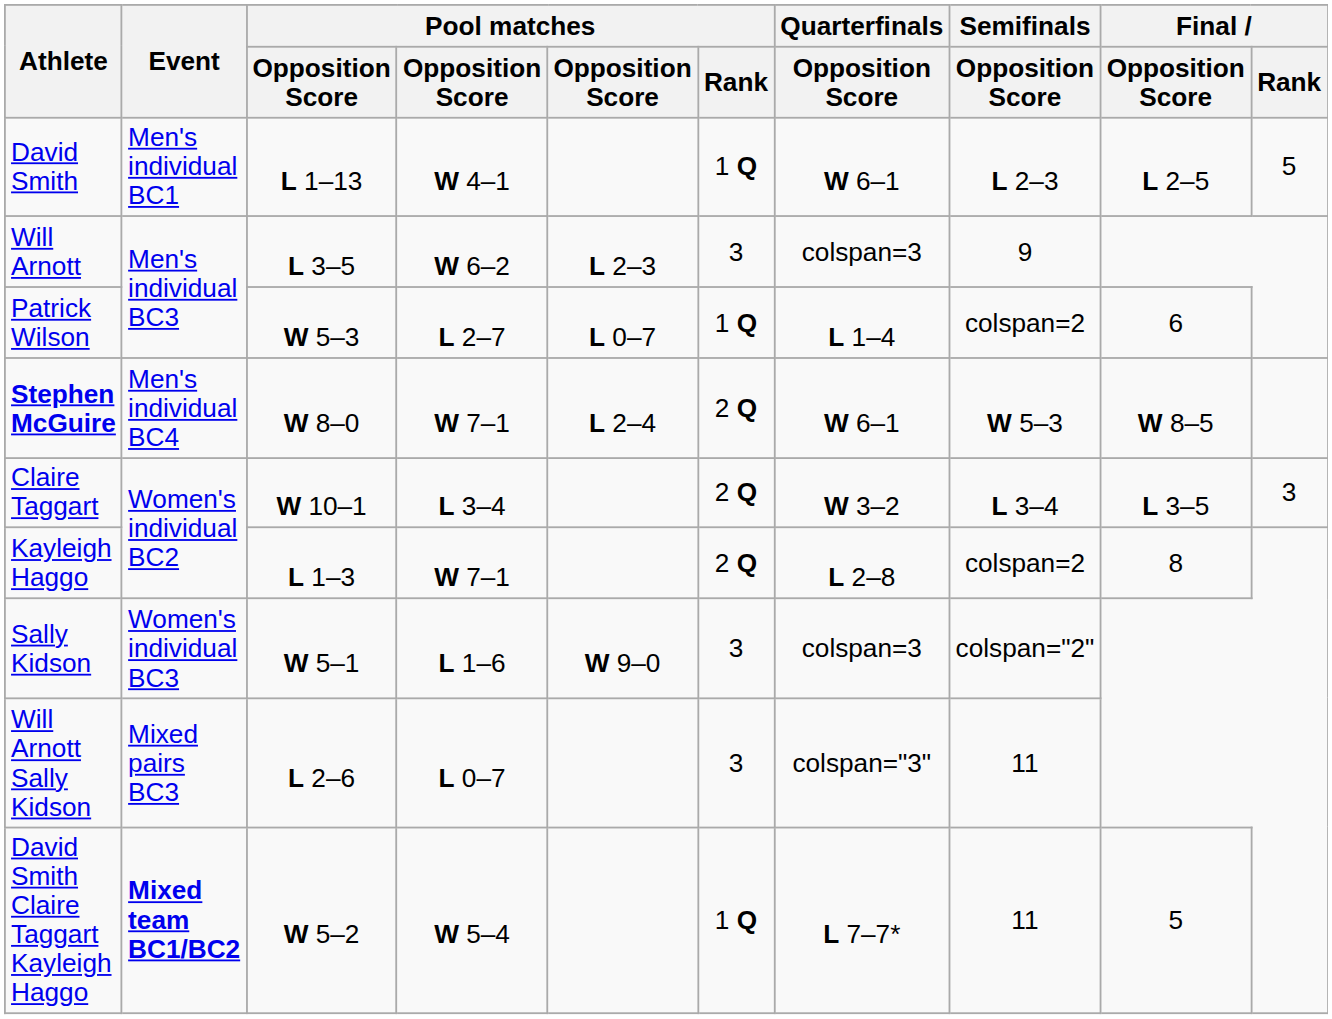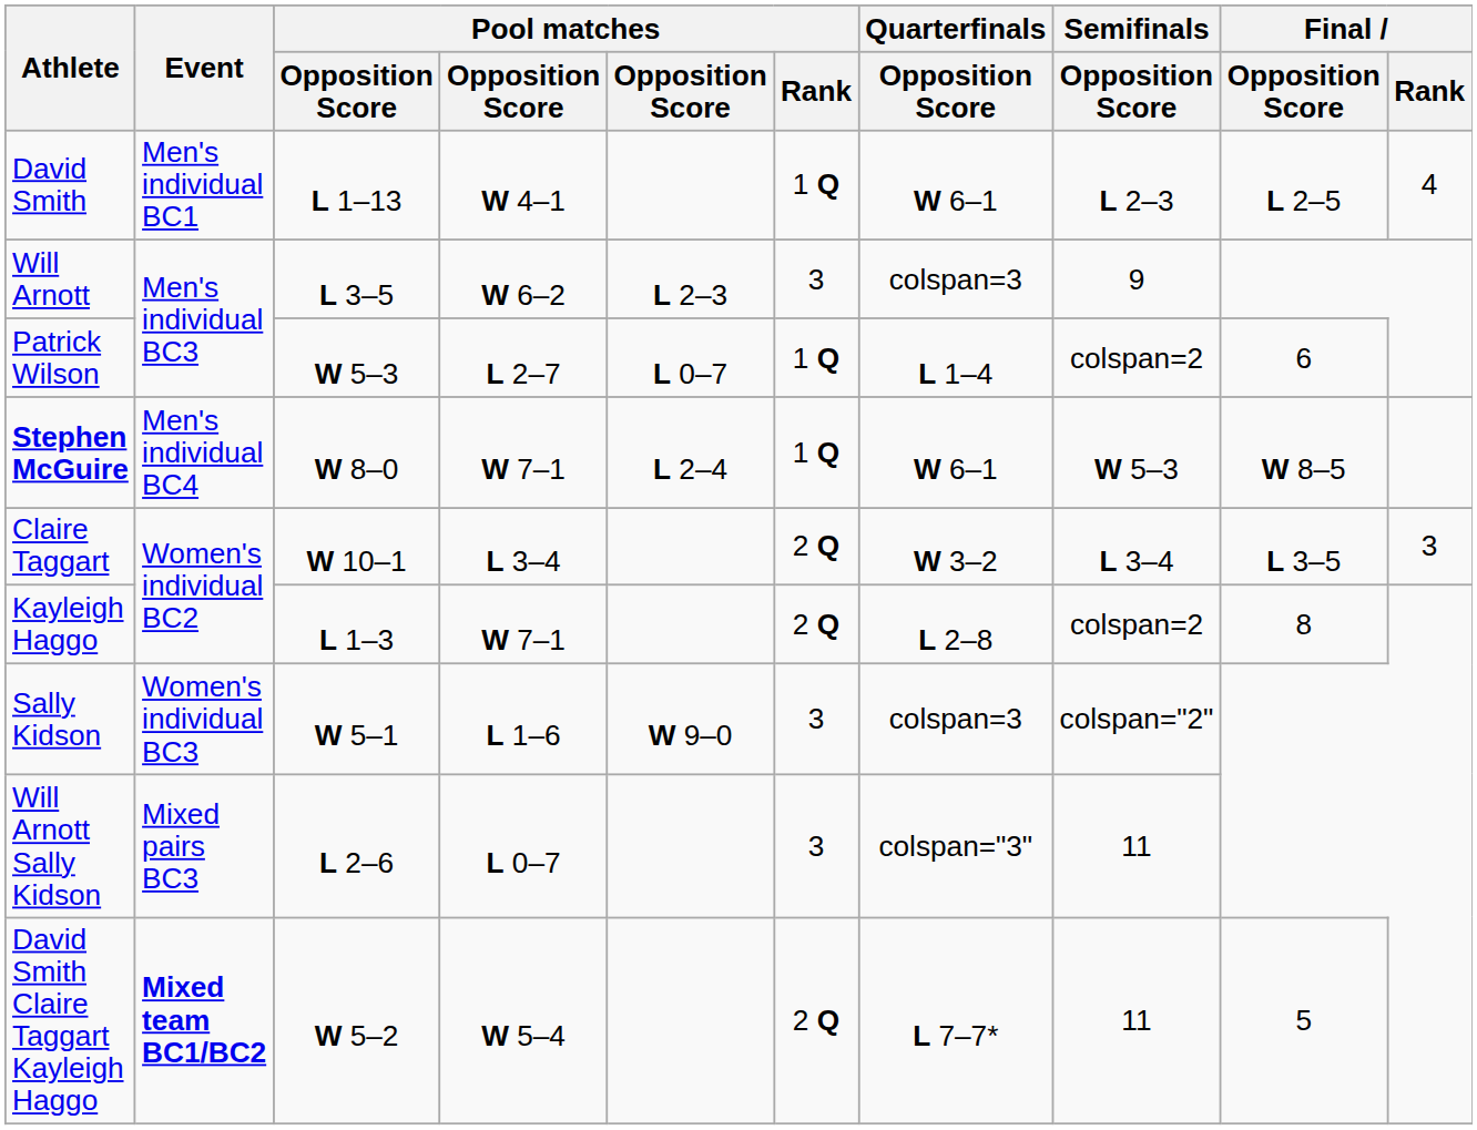 <table class="wikitable sortable" style="font-size:90%">
 <tr>
 <th rowspan="2">Athlete</th>
 <th rowspan="2">Event</th>
 <th colspan="4">Pool matches</th>
 <th>Quarterfinals</th>
 <th>Semifinals</th>
 <th colspan=2>Final / </th>
 </tr>
 <tr>
 <th>Opposition<br>Score</th>
 <th>Opposition<br>Score</th>
 <th>Opposition<br>Score</th>
 <th>Rank</th>
 <th>Opposition<br>Score</th>
 <th>Opposition<br>Score</th>
 <th>Opposition<br>Score</th>
 <th>Rank</th>
 </tr>
 <tr align=center>
 <td style="text-align:left"><a href='#'>David Smith</a></td>
 <td style="text-align:left"><a href='#'>Men's individual BC1</a></td>
 <td><br><strong>L</strong> 1–13</td>
 <td><br><strong>W</strong> 4–1</td>
 <td></td>
 <td>1 <strong>Q</strong></td>
 <td><br><strong>W</strong> 6–1</td>
 <td><br><strong>L</strong> 2–3</td>
 <td><br><strong>L</strong> 2–5</td>
-<td>5</td>
+<td>4</td>
 </tr>
 <tr style="text-align:center">
 <td style="text-align:left"><a href='#'>Will Arnott</a></td>
 <td style="text-align:left" rowspan=2><a href='#'>Men's individual BC3</a></td>
 <td><br><strong>L</strong> 3–5</td>
 <td><br><strong>W</strong> 6–2</td>
 <td><br><strong>L</strong> 2–3</td>
 <td>3</td>
 <td>colspan=3 </td>
 <td>9</td>
 </tr>
 <tr style="text-align:center">
 <td style="text-align:left"><a href='#'>Patrick Wilson</a></td>
 <td><br>  <strong>W</strong> 5–3</td>
 <td><br><strong>L</strong> 2–7</td>
 <td><br><strong>L</strong> 0–7</td>
 <td>1 <strong>Q</strong></td>
 <td><br><strong>L</strong> 1–4</td>
 <td>colspan=2 </td>
 <td>6</td>
 </tr>
 <tr style="text-align:center">
 <td style="text-align:left"><strong><a href='#'>Stephen McGuire</a></strong></td>
 <td style="text-align:left"><a href='#'>Men's individual BC4</a></td>
 <td><br><strong>W</strong> 8–0</td>
 <td><br><strong>W</strong> 7–1</td>
 <td><br><strong>L</strong> 2–4</td>
-<td>2 <strong>Q</strong></td>
+<td>1 <strong>Q</strong></td>
 <td><br><strong>W</strong> 6–1</td>
 <td><br><strong>W</strong> 5–3</td>
 <td><br><strong>W</strong> 8–5</td>
 <td></td>
 </tr>
 <tr align=center>
 <td style="text-align:left"><a href='#'>Claire Taggart</a></td>
 <td style="text-align:left" rowspan="2"><a href='#'>Women's individual BC2</a></td>
 <td><br><strong>W</strong> 10–1</td>
 <td> <br><strong>L</strong> 3–4</td>
 <td></td>
 <td>2 <strong>Q</strong></td>
 <td><br><strong>W</strong> 3–2</td>
 <td><br><strong>L</strong> 3–4</td>
 <td><br><strong>L</strong> 3–5</td>
 <td>3</td>
 </tr>
 <tr style="text-align:center">
 <td style="text-align:left"><a href='#'>Kayleigh Haggo</a></td>
 <td><br> <strong>L</strong> 1–3</td>
 <td><br><strong>W</strong> 7–1</td>
 <td></td>
 <td>2 <strong>Q</strong></td>
 <td><br><strong>L</strong> 2–8</td>
 <td>colspan=2 </td>
 <td>8</td>
 </tr>
 <tr style="text-align:center">
 <td style="text-align:left"><a href='#'>Sally Kidson</a></td>
 <td style="text-align:left"><a href='#'>Women's individual BC3</a></td>
 <td><br><strong>W</strong> 5–1</td>
 <td><br><strong>L</strong> 1–6</td>
 <td><br><strong>W</strong> 9–0</td>
 <td>3</td>
 <td>colspan=3 </td>
 <td>colspan="2" </td>
 </tr>
 <tr style="text-align:center">
 <td style="text-align:left"><a href='#'>Will Arnott</a><br><a href='#'>Sally Kidson</a></td>
 <td style="text-align:left"><a href='#'>Mixed pairs BC3</a></td>
 <td><br><strong>L</strong> 2–6</td>
 <td><br><strong>L</strong> 0–7</td>
 <td></td>
 <td>3</td>
 <td>colspan="3" </td>
 <td>11</td>
 </tr>
 <tr style="text-align:center">
 <td style="text-align:left"><a href='#'>David Smith</a><br><a href='#'>Claire Taggart</a><br><a href='#'>Kayleigh Haggo</a></td>
 <td style="text-align:left"><strong><a href='#'>Mixed team BC1/BC2</a></strong></td>
 <td><br> <strong>W</strong> 5–2</td>
 <td><br><strong>W</strong> 5–4</td>
 <td></td>
-<td>1 <strong>Q</strong></td>
+<td>2 <strong>Q</strong></td>
 <td><br><strong>L</strong> 7–7*</td>
 <td>11</td>
 <td>5</td>
 </tr>
 </table>
